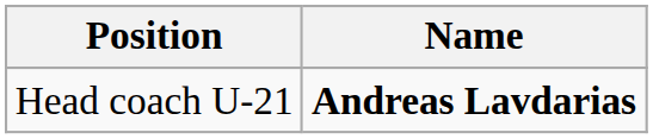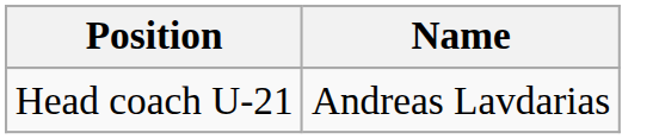 <table class="wikitable" style="text-align: center;">
 <tr>
 <th>Position</th>
 <th>Name</th>
 </tr>
 <tr>
 <td>Head coach U-21</td>
-<td style="text-align:left;"><strong>Andreas Lavdarias</strong></td>
+<td style="text-align:left;">Andreas Lavdarias</td>
 </tr>
 </table>
